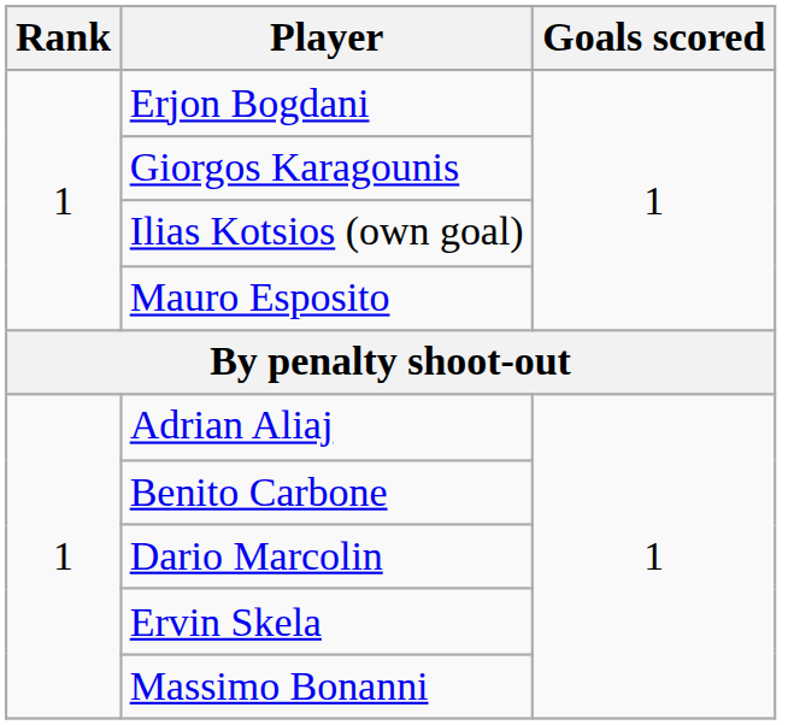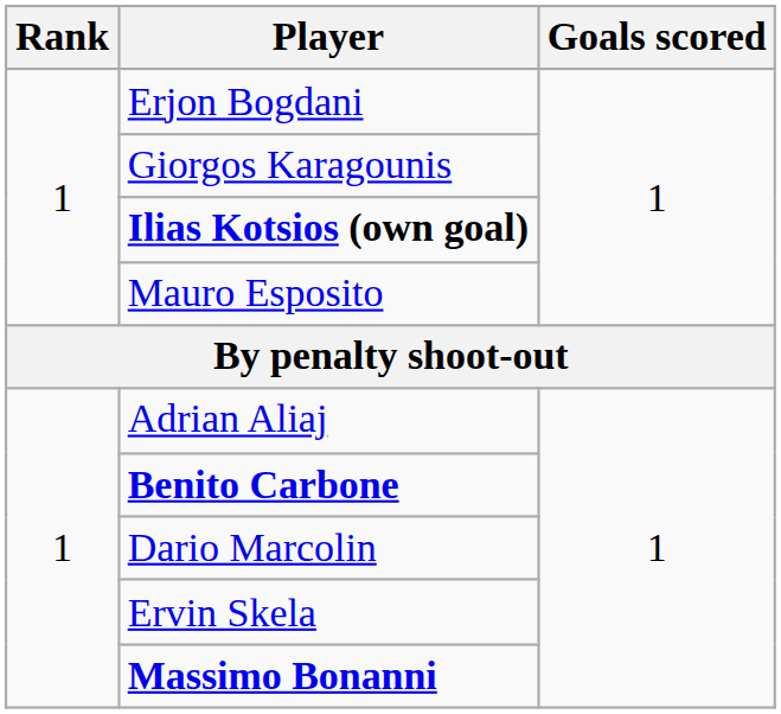 <table class="wikitable" style="text-align:center">
 <tr>
 <th>Rank</th>
 <th>Player</th>
 <th>Goals scored</th>
 </tr>
 <tr>
 <td rowspan="4">1</td>
 <td align="left"> <a href='#'>Erjon Bogdani</a></td>
 <td rowspan="4">1</td>
 </tr>
 <tr>
 <td align="left"> <a href='#'>Giorgos Karagounis</a></td>
 </tr>
 <tr>
-<td align="left"> <a href='#'>Ilias Kotsios</a> (own goal)</td>
+<td align="left"><strong> <a href='#'>Ilias Kotsios</a> (own goal)</strong></td>
 </tr>
 <tr>
 <td align="left"> <a href='#'>Mauro Esposito</a></td>
 </tr>
 <tr>
 <th colspan="3">By penalty shoot-out</th>
 </tr>
 <tr>
 <td rowspan="5">1</td>
 <td align="left"> <a href='#'>Adrian Aliaj</a></td>
 <td rowspan="5">1</td>
 </tr>
 <tr>
-<td align="left"> <a href='#'>Benito Carbone</a></td>
+<td align="left"><strong> <a href='#'>Benito Carbone</a></strong></td>
 </tr>
 <tr>
 <td align="left"> <a href='#'>Dario Marcolin</a></td>
 </tr>
 <tr>
 <td align="left"> <a href='#'>Ervin Skela</a></td>
 </tr>
 <tr>
-<td align="left"> <a href='#'>Massimo Bonanni</a></td>
+<td align="left"><strong> <a href='#'>Massimo Bonanni</a></strong></td>
 </tr>
 </table>
